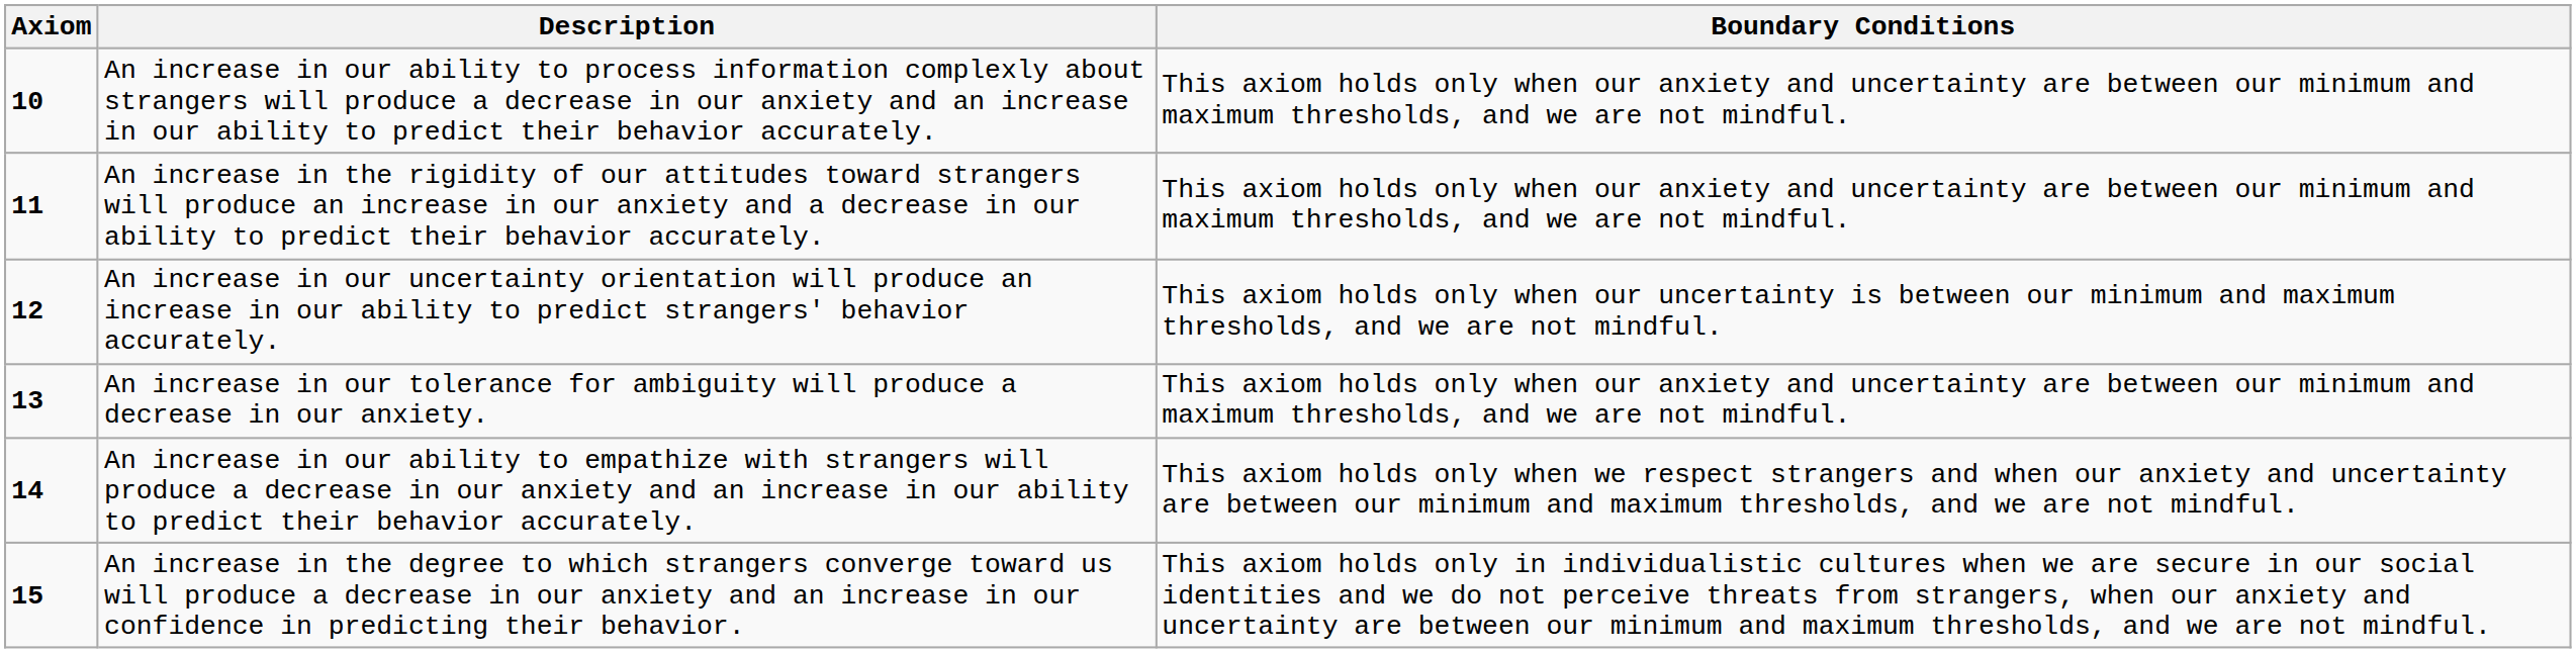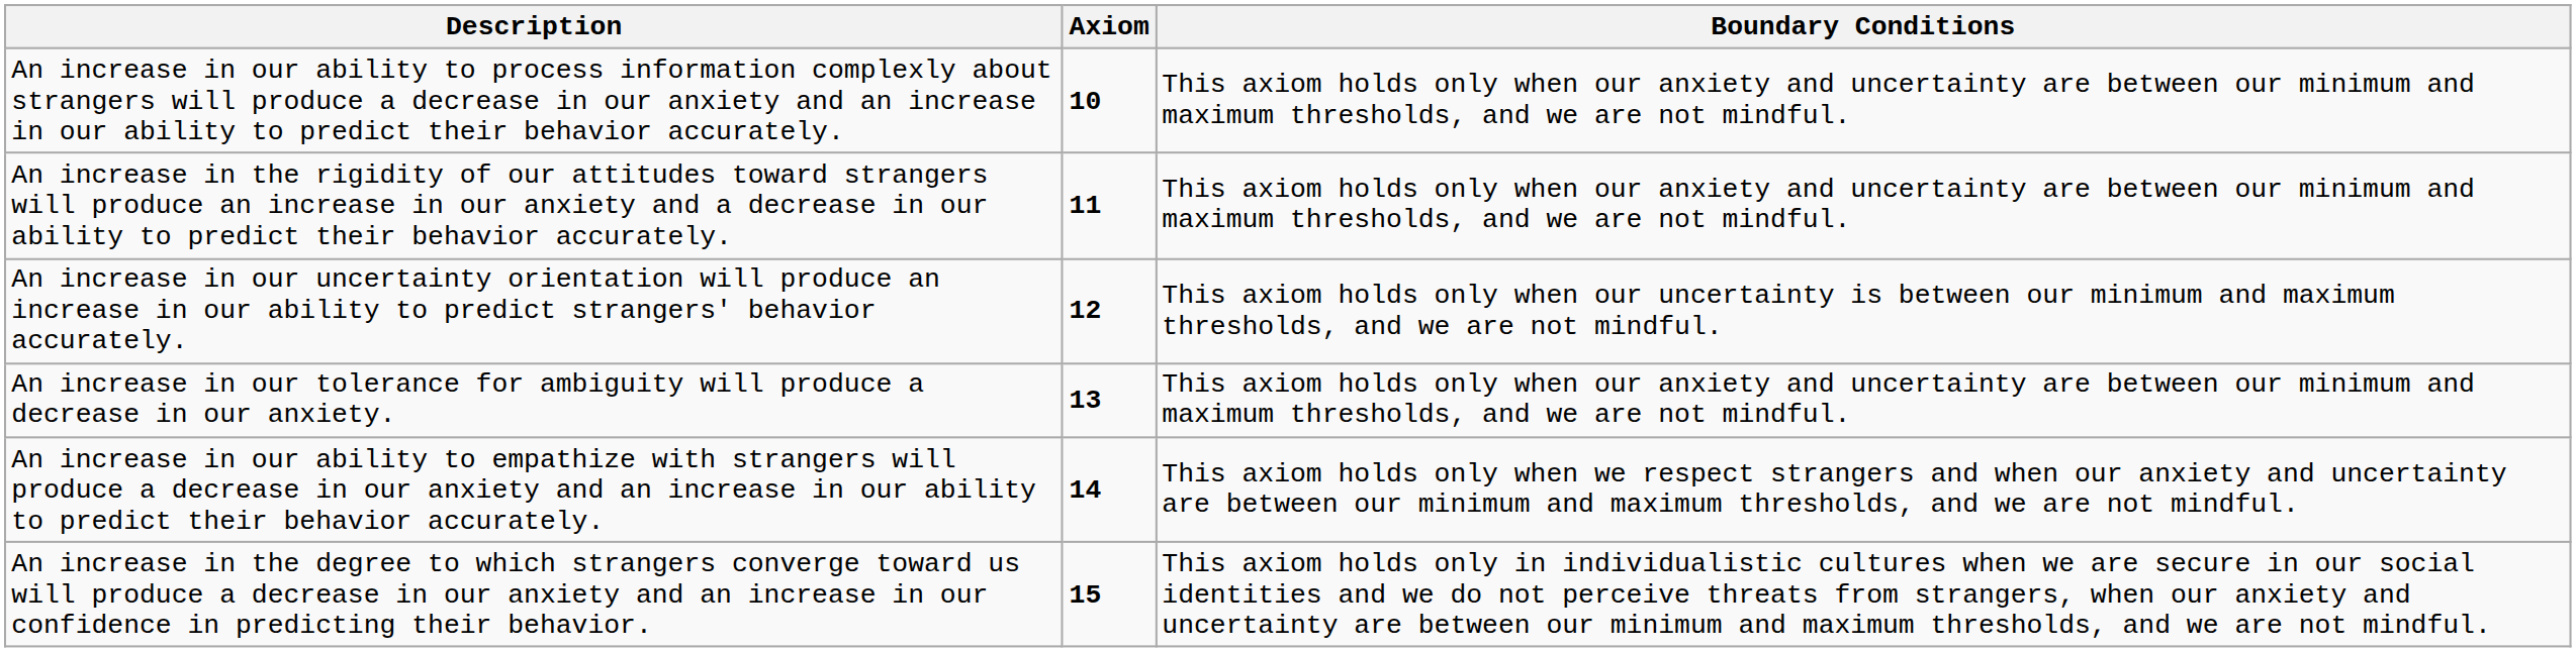 <table class="wikitable">
 <tr>
+<th>Description</th>
 <th>Axiom</th>
-<th>Description</th>
 <th>Boundary Conditions</th>
 </tr>
 <tr>
+<td>An increase in our ability to process information complexly about strangers will produce a decrease in our anxiety and an increase in our ability to predict their behavior accurately.</td>
 <td><strong>10</strong></td>
-<td>An increase in our ability to process information complexly about strangers will produce a decrease in our anxiety and an increase in our ability to predict their behavior accurately.</td>
 <td>This axiom holds only when our anxiety and uncertainty are between our minimum and maximum thresholds, and we are not mindful.</td>
 </tr>
 <tr>
+<td>An increase in the rigidity of our attitudes toward strangers will produce an increase in our anxiety and a decrease in our ability to predict their behavior accurately.</td>
 <td><strong>11</strong></td>
-<td>An increase in the rigidity of our attitudes toward strangers will produce an increase in our anxiety and a decrease in our ability to predict their behavior accurately.</td>
 <td>This axiom holds only when our anxiety and uncertainty are between our minimum and maximum thresholds, and we are not mindful.</td>
 </tr>
 <tr>
+<td>An increase in our uncertainty orientation will produce an increase in our ability to predict strangers' behavior accurately.</td>
 <td><strong>12</strong></td>
-<td>An increase in our uncertainty orientation will produce an increase in our ability to predict strangers' behavior accurately.</td>
 <td>This axiom holds only when our uncertainty is between our minimum and maximum thresholds, and we are not mindful.</td>
 </tr>
 <tr>
+<td>An increase in our tolerance for ambiguity will produce a decrease in our anxiety.</td>
 <td><strong>13</strong></td>
-<td>An increase in our tolerance for ambiguity will produce a decrease in our anxiety.</td>
 <td>This axiom holds only when our anxiety and uncertainty are between our minimum and maximum thresholds, and we are not mindful.</td>
 </tr>
 <tr>
+<td>An increase in our ability to empathize with strangers will produce a decrease in our anxiety and an increase in our ability to predict their behavior accurately.</td>
 <td><strong>14</strong></td>
-<td>An increase in our ability to empathize with strangers will produce a decrease in our anxiety and an increase in our ability to predict their behavior accurately.</td>
 <td>This axiom holds only when we respect strangers and when our anxiety and uncertainty are between our minimum and maximum thresholds, and we are not mindful.</td>
 </tr>
 <tr>
+<td>An increase in the degree to which strangers converge toward us will produce a decrease in our anxiety and an increase in our confidence in predicting their behavior.</td>
 <td><strong>15</strong></td>
-<td>An increase in the degree to which strangers converge toward us will produce a decrease in our anxiety and an increase in our confidence in predicting their behavior.</td>
 <td>This axiom holds only in individualistic cultures when we are secure in our social identities and we do not perceive threats from strangers, when our anxiety and uncertainty are between our minimum and maximum thresholds, and we are not mindful.</td>
 </tr>
 </table>
